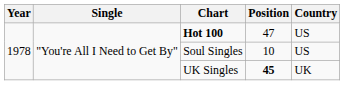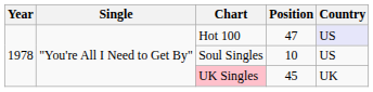 <table class="wikitable" border="1">
 <tr>
 <th>Year</th>
 <th>Single</th>
 <th>Chart</th>
 <th>Position</th>
 <th>Country</th>
 </tr>
 <tr>
 <td rowspan="3">1978</td>
 <td rowspan="3">"You're All I Need to Get By"</td>
-<td><strong>Hot 100</strong></td>
+<td>Hot 100</td>
 <td align="center">47</td>
-<td>US</td>
+<td style="background: lavender;">US</td>
 </tr>
 <tr>
 <td>Soul Singles</td>
 <td align="center">10</td>
 <td>US</td>
 </tr>
 <tr>
-<td>UK Singles</td>
-<td align="center"><strong>45</strong></td>
+<td style="background: pink;">UK Singles</td>
+<td align="center">45</td>
 <td>UK</td>
 </tr>
 </table>
